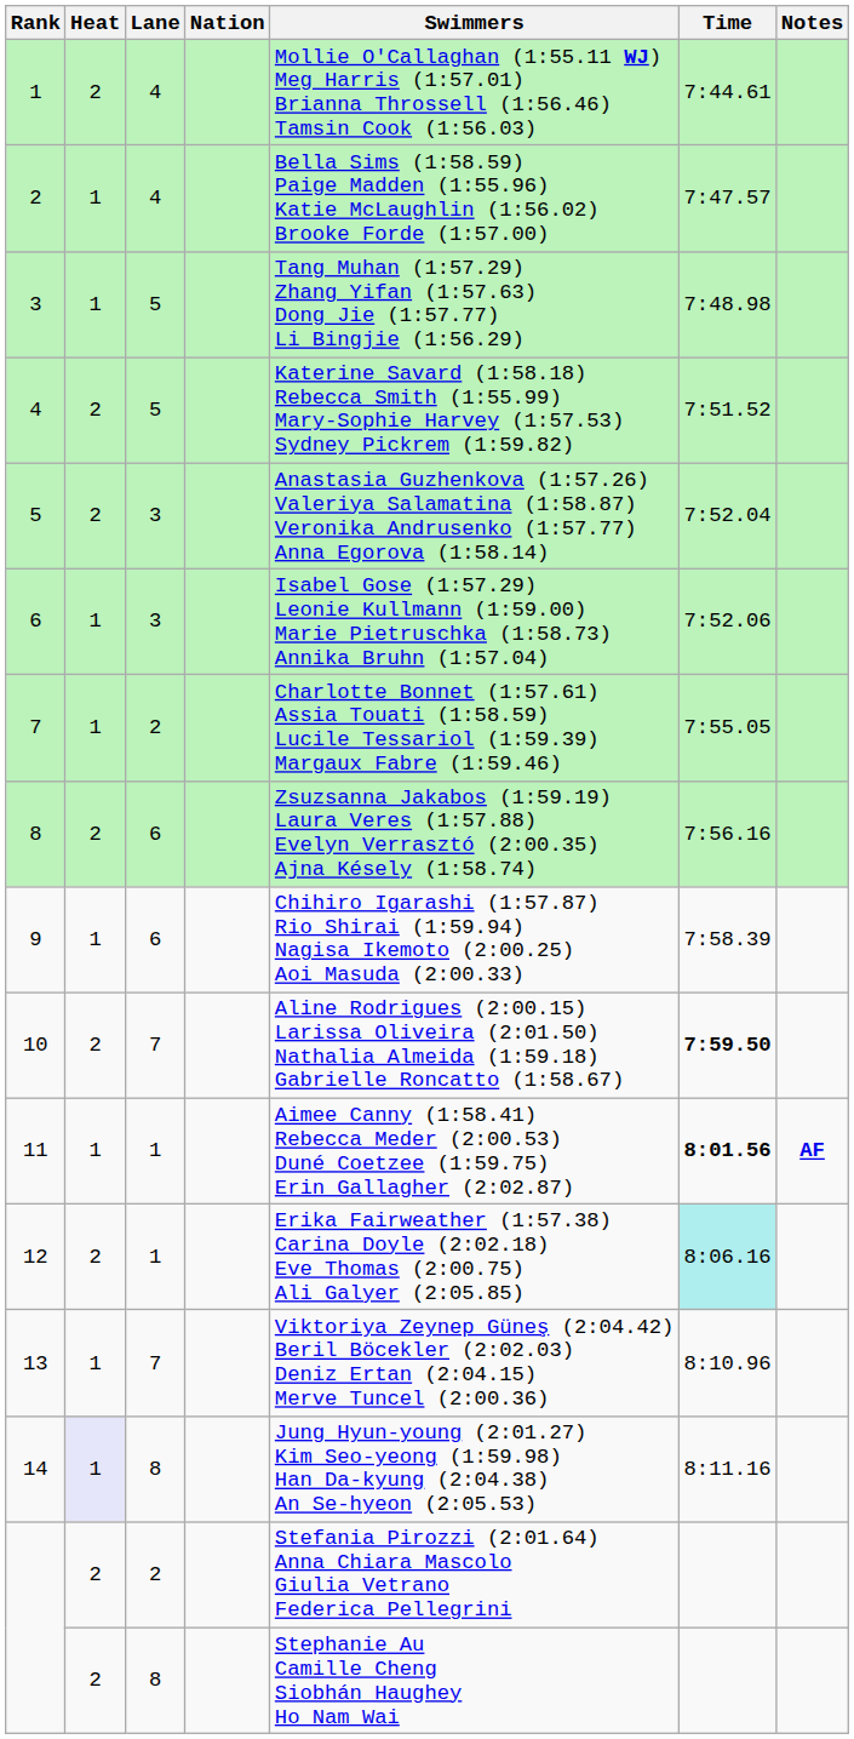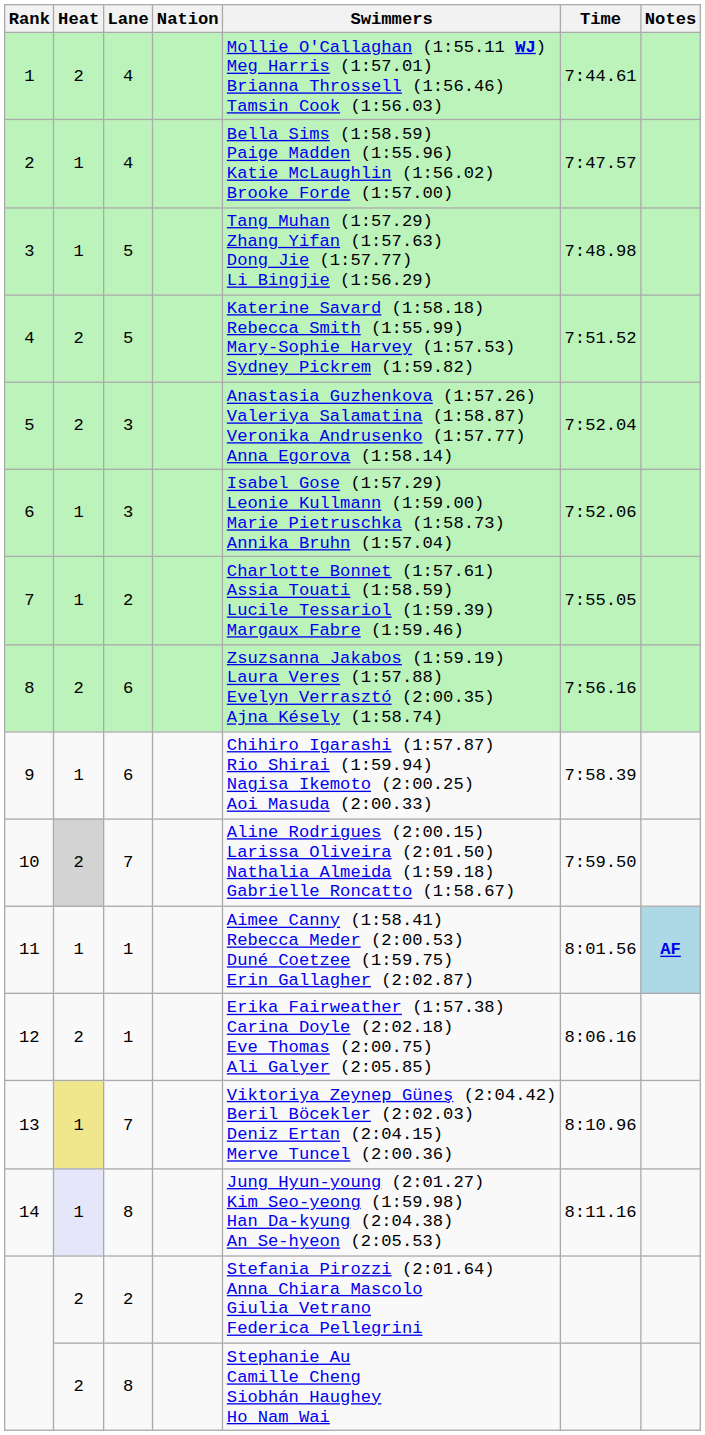 <table class="wikitable sortable" style="text-align:center">
 <tr>
 <th>Rank</th>
 <th>Heat</th>
 <th>Lane</th>
 <th>Nation</th>
 <th>Swimmers</th>
 <th>Time</th>
 <th>Notes</th>
 </tr>
 <tr bgcolor=bbf3bb>
 <td>1</td>
 <td>2</td>
 <td>4</td>
 <td align=left></td>
 <td align=left><a href='#'>Mollie O'Callaghan</a> (1:55.11 <strong><a href='#'>WJ</a></strong>)<br><a href='#'>Meg Harris</a> (1:57.01)<br><a href='#'>Brianna Throssell</a> (1:56.46)<br><a href='#'>Tamsin Cook</a> (1:56.03)</td>
 <td>7:44.61</td>
 <td></td>
 </tr>
 <tr bgcolor=bbf3bb>
 <td>2</td>
 <td>1</td>
 <td>4</td>
 <td align=left></td>
 <td align=left><a href='#'>Bella Sims</a> (1:58.59)<br><a href='#'>Paige Madden</a> (1:55.96)<br><a href='#'>Katie McLaughlin</a> (1:56.02)<br><a href='#'>Brooke Forde</a> (1:57.00)</td>
 <td>7:47.57</td>
 <td></td>
 </tr>
 <tr bgcolor=bbf3bb>
 <td>3</td>
 <td>1</td>
 <td>5</td>
 <td align=left></td>
 <td align=left><a href='#'>Tang Muhan</a> (1:57.29)<br><a href='#'>Zhang Yifan</a> (1:57.63)<br><a href='#'>Dong Jie</a> (1:57.77)<br><a href='#'>Li Bingjie</a> (1:56.29)</td>
 <td>7:48.98</td>
 <td></td>
 </tr>
 <tr bgcolor=bbf3bb>
 <td>4</td>
 <td>2</td>
 <td>5</td>
 <td align=left></td>
 <td align=left><a href='#'>Katerine Savard</a> (1:58.18)<br><a href='#'>Rebecca Smith</a> (1:55.99)<br><a href='#'>Mary-Sophie Harvey</a> (1:57.53)<br><a href='#'>Sydney Pickrem</a> (1:59.82)</td>
 <td>7:51.52</td>
 <td></td>
 </tr>
 <tr bgcolor=bbf3bb>
 <td>5</td>
 <td>2</td>
 <td>3</td>
 <td align=left></td>
 <td align=left><a href='#'>Anastasia Guzhenkova</a> (1:57.26)<br><a href='#'>Valeriya Salamatina</a> (1:58.87)<br><a href='#'>Veronika Andrusenko</a> (1:57.77)<br><a href='#'>Anna Egorova</a> (1:58.14)</td>
 <td>7:52.04</td>
 <td></td>
 </tr>
 <tr bgcolor=bbf3bb>
 <td>6</td>
 <td>1</td>
 <td>3</td>
 <td align=left></td>
 <td align=left><a href='#'>Isabel Gose</a> (1:57.29)<br><a href='#'>Leonie Kullmann</a> (1:59.00)<br><a href='#'>Marie Pietruschka</a> (1:58.73)<br><a href='#'>Annika Bruhn</a> (1:57.04)</td>
 <td>7:52.06</td>
 <td></td>
 </tr>
 <tr bgcolor=bbf3bb>
 <td>7</td>
 <td>1</td>
 <td>2</td>
 <td align=left></td>
 <td align=left><a href='#'>Charlotte Bonnet</a> (1:57.61)<br><a href='#'>Assia Touati</a> (1:58.59)<br><a href='#'>Lucile Tessariol</a> (1:59.39)<br><a href='#'>Margaux Fabre</a> (1:59.46)</td>
 <td>7:55.05</td>
 <td></td>
 </tr>
 <tr bgcolor=bbf3bb>
 <td>8</td>
 <td>2</td>
 <td>6</td>
 <td align=left></td>
 <td align=left><a href='#'>Zsuzsanna Jakabos</a> (1:59.19)<br><a href='#'>Laura Veres</a> (1:57.88)<br><a href='#'>Evelyn Verrasztó</a> (2:00.35)<br><a href='#'>Ajna Késely</a> (1:58.74)</td>
 <td>7:56.16</td>
 <td></td>
 </tr>
 <tr>
 <td>9</td>
 <td>1</td>
 <td>6</td>
 <td align=left></td>
 <td align=left><a href='#'>Chihiro Igarashi</a> (1:57.87)<br><a href='#'>Rio Shirai</a> (1:59.94)<br><a href='#'>Nagisa Ikemoto</a> (2:00.25)<br><a href='#'>Aoi Masuda</a> (2:00.33)</td>
 <td>7:58.39</td>
 <td></td>
 </tr>
 <tr>
 <td>10</td>
-<td>2</td>
+<td style="background: lightgrey;">2</td>
 <td>7</td>
 <td align=left></td>
 <td align=left><a href='#'>Aline Rodrigues</a> (2:00.15)<br><a href='#'>Larissa Oliveira</a> (2:01.50)<br><a href='#'>Nathalia Almeida</a> (1:59.18)<br><a href='#'>Gabrielle Roncatto</a> (1:58.67)</td>
-<td><strong>7:59.50</strong></td>
+<td>7:59.50</td>
 <td></td>
 </tr>
 <tr>
 <td>11</td>
 <td>1</td>
 <td>1</td>
 <td align=left></td>
 <td align=left><a href='#'>Aimee Canny</a> (1:58.41)<br><a href='#'>Rebecca Meder</a> (2:00.53)<br><a href='#'>Duné Coetzee</a> (1:59.75)<br><a href='#'>Erin Gallagher</a> (2:02.87)</td>
-<td><strong>8:01.56</strong></td>
-<td><strong><a href='#'>AF</a></strong></td>
+<td>8:01.56</td>
+<td style="background: lightblue;"><strong><a href='#'>AF</a></strong></td>
 </tr>
 <tr>
 <td>12</td>
 <td>2</td>
 <td>1</td>
 <td align=left></td>
 <td align=left><a href='#'>Erika Fairweather</a> (1:57.38)<br><a href='#'>Carina Doyle</a> (2:02.18)<br><a href='#'>Eve Thomas</a> (2:00.75)<br><a href='#'>Ali Galyer</a> (2:05.85)</td>
-<td style="background: paleturquoise;">8:06.16</td>
+<td>8:06.16</td>
 <td></td>
 </tr>
 <tr>
 <td>13</td>
-<td>1</td>
+<td style="background: khaki;">1</td>
 <td>7</td>
 <td align=left></td>
 <td align=left><a href='#'>Viktoriya Zeynep Güneş</a> (2:04.42)<br><a href='#'>Beril Böcekler</a> (2:02.03)<br><a href='#'>Deniz Ertan</a> (2:04.15)<br><a href='#'>Merve Tuncel</a> (2:00.36)</td>
 <td>8:10.96</td>
 <td></td>
 </tr>
 <tr>
 <td>14</td>
 <td style="background: lavender;">1</td>
 <td>8</td>
 <td align=left></td>
 <td align=left><a href='#'>Jung Hyun-young</a> (2:01.27)<br><a href='#'>Kim Seo-yeong</a> (1:59.98)<br><a href='#'>Han Da-kyung</a> (2:04.38)<br><a href='#'>An Se-hyeon</a> (2:05.53)</td>
 <td>8:11.16</td>
 <td></td>
 </tr>
 <tr>
 <td rowspan=2></td>
 <td>2</td>
 <td>2</td>
 <td align=left></td>
 <td align=left><a href='#'>Stefania Pirozzi</a> (2:01.64)<br><a href='#'>Anna Chiara Mascolo</a><br><a href='#'>Giulia Vetrano</a><br><a href='#'>Federica Pellegrini</a></td>
 <td></td>
 <td></td>
 </tr>
 <tr>
 <td>2</td>
 <td>8</td>
 <td align=left></td>
 <td align=left><a href='#'>Stephanie Au</a><br><a href='#'>Camille Cheng</a><br><a href='#'>Siobhán Haughey</a><br><a href='#'>Ho Nam Wai</a></td>
 <td></td>
 <td></td>
 </tr>
 </table>
